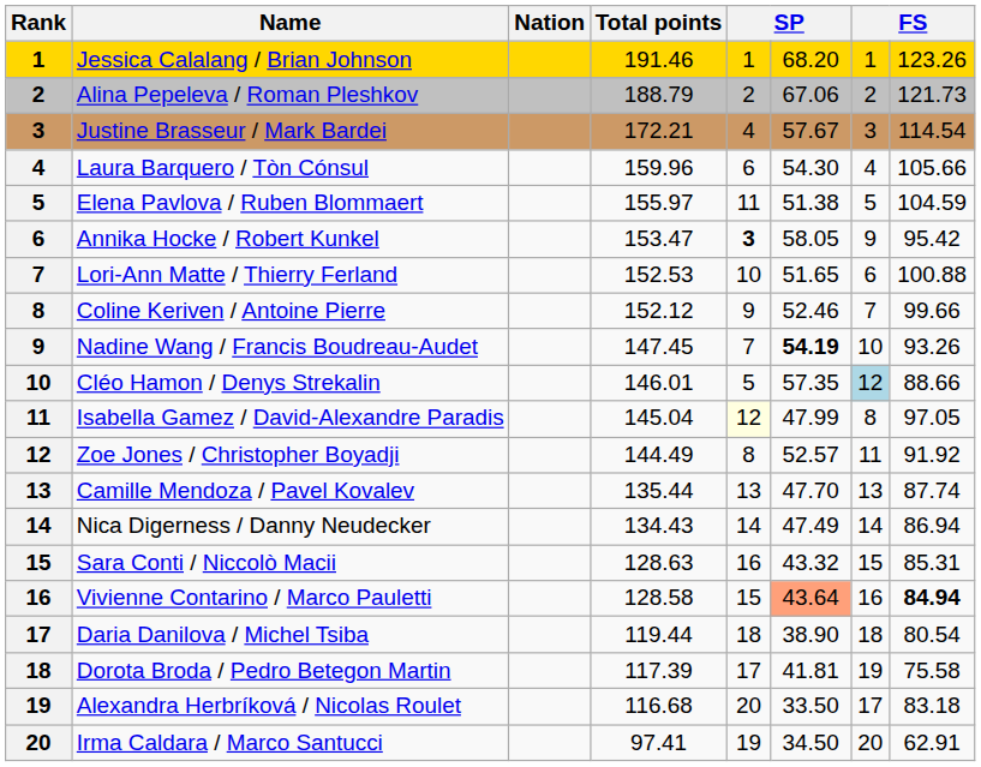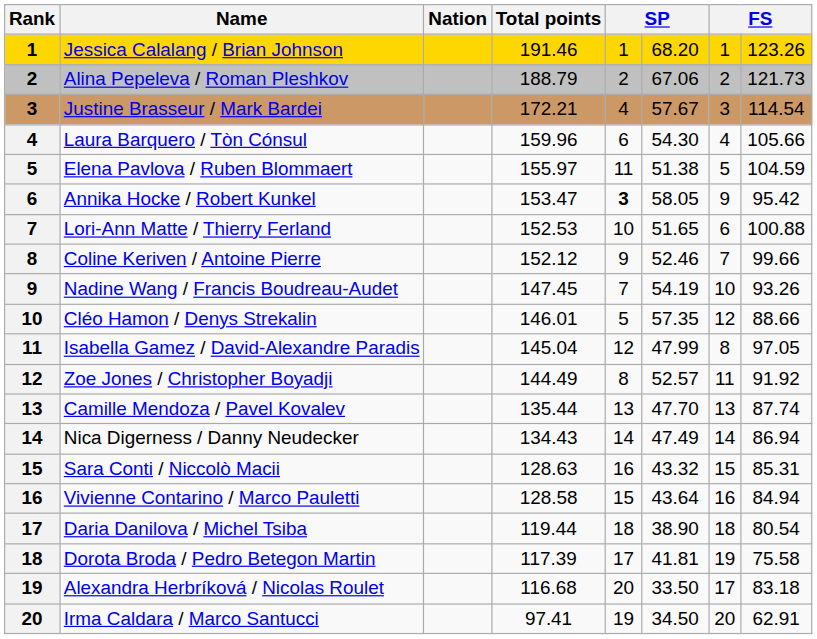 <table class="wikitable sortable">
 <tr>
 <th>Rank</th>
 <th>Name</th>
 <th>Nation</th>
 <th>Total points</th>
 <th colspan="2" width="80px"><a href='#'>SP</a></th>
 <th colspan="2" width="80px"><a href='#'>FS</a></th>
 </tr>
 <tr bgcolor="gold">
 <td align="center"><strong>1</strong></td>
 <td><a href='#'>Jessica Calalang</a> / <a href='#'>Brian Johnson</a></td>
 <td></td>
 <td align="center">191.46</td>
 <td align="center">1</td>
 <td align="center">68.20</td>
 <td align="center">1</td>
 <td align="center">123.26</td>
 </tr>
 <tr bgcolor="silver">
 <td align="center"><strong>2</strong></td>
 <td><a href='#'>Alina Pepeleva</a> / <a href='#'>Roman Pleshkov</a></td>
 <td></td>
 <td align="center">188.79</td>
 <td align="center">2</td>
 <td align="center">67.06</td>
 <td align="center">2</td>
 <td align="center">121.73</td>
 </tr>
 <tr bgcolor="cc9966">
 <td align="center"><strong>3</strong></td>
 <td><a href='#'>Justine Brasseur</a> / <a href='#'>Mark Bardei</a></td>
 <td></td>
 <td align="center">172.21</td>
 <td align="center">4</td>
 <td align="center">57.67</td>
 <td align="center">3</td>
 <td align="center">114.54</td>
 </tr>
 <tr>
 <th>4</th>
 <td><a href='#'>Laura Barquero</a> / <a href='#'>Tòn Cónsul</a></td>
 <td></td>
 <td align="center">159.96</td>
 <td align="center">6</td>
 <td align="center">54.30</td>
 <td align="center">4</td>
 <td align="center">105.66</td>
 </tr>
 <tr>
 <th>5</th>
 <td><a href='#'>Elena Pavlova</a> / <a href='#'>Ruben Blommaert</a></td>
 <td></td>
 <td align="center">155.97</td>
 <td align="center">11</td>
 <td align="center">51.38</td>
 <td align="center">5</td>
 <td align="center">104.59</td>
 </tr>
 <tr>
 <th>6</th>
 <td><a href='#'>Annika Hocke</a> / <a href='#'>Robert Kunkel</a></td>
 <td></td>
 <td align="center">153.47</td>
 <td align="center"><strong>3</strong></td>
 <td align="center">58.05</td>
 <td align="center">9</td>
 <td align="center">95.42</td>
 </tr>
 <tr>
 <th>7</th>
 <td><a href='#'>Lori-Ann Matte</a> / <a href='#'>Thierry Ferland</a></td>
 <td></td>
 <td align="center">152.53</td>
 <td align="center">10</td>
 <td align="center">51.65</td>
 <td align="center">6</td>
 <td align="center">100.88</td>
 </tr>
 <tr>
 <th>8</th>
 <td><a href='#'>Coline Keriven</a> / <a href='#'>Antoine Pierre</a></td>
 <td></td>
 <td align="center">152.12</td>
 <td align="center">9</td>
 <td align="center">52.46</td>
 <td align="center">7</td>
 <td align="center">99.66</td>
 </tr>
 <tr>
 <th>9</th>
 <td><a href='#'>Nadine Wang</a> / <a href='#'>Francis Boudreau-Audet</a></td>
 <td></td>
 <td align="center">147.45</td>
 <td align="center">7</td>
-<td align="center"><strong>54.19</strong></td>
+<td align="center">54.19</td>
 <td align="center">10</td>
 <td align="center">93.26</td>
 </tr>
 <tr>
 <th>10</th>
 <td><a href='#'>Cléo Hamon</a> / <a href='#'>Denys Strekalin</a></td>
 <td></td>
 <td align="center">146.01</td>
 <td align="center">5</td>
 <td align="center">57.35</td>
-<td align="center" style="background: lightblue;">12</td>
+<td align="center">12</td>
 <td align="center">88.66</td>
 </tr>
 <tr>
 <th>11</th>
 <td><a href='#'>Isabella Gamez</a> / <a href='#'>David-Alexandre Paradis</a></td>
 <td></td>
 <td align="center">145.04</td>
-<td align="center" style="background: lightyellow;">12</td>
+<td align="center">12</td>
 <td align="center">47.99</td>
 <td align="center">8</td>
 <td align="center">97.05</td>
 </tr>
 <tr>
 <th>12</th>
 <td><a href='#'>Zoe Jones</a> / <a href='#'>Christopher Boyadji</a></td>
 <td></td>
 <td align="center">144.49</td>
 <td align="center">8</td>
 <td align="center">52.57</td>
 <td align="center">11</td>
 <td align="center">91.92</td>
 </tr>
 <tr>
 <th>13</th>
 <td><a href='#'>Camille Mendoza</a> / <a href='#'>Pavel Kovalev</a></td>
 <td></td>
 <td align="center">135.44</td>
 <td align="center">13</td>
 <td align="center">47.70</td>
 <td align="center">13</td>
 <td align="center">87.74</td>
 </tr>
 <tr>
 <th>14</th>
 <td>Nica Digerness / Danny Neudecker</td>
 <td></td>
 <td align="center">134.43</td>
 <td align="center">14</td>
 <td align="center">47.49</td>
 <td align="center">14</td>
 <td align="center">86.94</td>
 </tr>
 <tr>
 <th>15</th>
 <td><a href='#'>Sara Conti</a> / <a href='#'>Niccolò Macii</a></td>
 <td></td>
 <td align="center">128.63</td>
 <td align="center">16</td>
 <td align="center">43.32</td>
 <td align="center">15</td>
 <td align="center">85.31</td>
 </tr>
 <tr>
 <th>16</th>
 <td><a href='#'>Vivienne Contarino</a> / <a href='#'>Marco Pauletti</a></td>
 <td></td>
 <td align="center">128.58</td>
 <td align="center">15</td>
-<td align="center" style="background: lightsalmon;">43.64</td>
+<td align="center">43.64</td>
 <td align="center">16</td>
-<td align="center"><strong>84.94</strong></td>
+<td align="center">84.94</td>
 </tr>
 <tr>
 <th>17</th>
 <td><a href='#'>Daria Danilova</a> / <a href='#'>Michel Tsiba</a></td>
 <td></td>
 <td align="center">119.44</td>
 <td align="center">18</td>
 <td align="center">38.90</td>
 <td align="center">18</td>
 <td align="center">80.54</td>
 </tr>
 <tr>
 <th>18</th>
 <td><a href='#'>Dorota Broda</a> / <a href='#'>Pedro Betegon Martin</a></td>
 <td></td>
 <td align="center">117.39</td>
 <td align="center">17</td>
 <td align="center">41.81</td>
 <td align="center">19</td>
 <td align="center">75.58</td>
 </tr>
 <tr>
 <th>19</th>
 <td><a href='#'>Alexandra Herbríková</a> / <a href='#'>Nicolas Roulet</a></td>
 <td></td>
 <td align="center">116.68</td>
 <td align="center">20</td>
 <td align="center">33.50</td>
 <td align="center">17</td>
 <td align="center">83.18</td>
 </tr>
 <tr>
 <th>20</th>
 <td><a href='#'>Irma Caldara</a> / <a href='#'>Marco Santucci</a></td>
 <td></td>
 <td align="center">97.41</td>
 <td align="center">19</td>
 <td align="center">34.50</td>
 <td align="center">20</td>
 <td align="center">62.91</td>
 </tr>
 </table>
